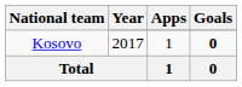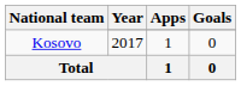 <table class="wikitable" style="text-align:center">
 <tr>
 <th>National team</th>
 <th>Year</th>
 <th>Apps</th>
 <th>Goals</th>
 </tr>
 <tr>
 <td rowspan="2"><a href='#'>Kosovo</a></td>
 </tr>
 <tr>
 <td>2017</td>
 <td>1</td>
-<td><strong>0</strong></td>
+<td>0</td>
 </tr>
 <tr>
 <th colspan="2">Total</th>
 <th>1</th>
 <th>0</th>
 </tr>
 </table>
